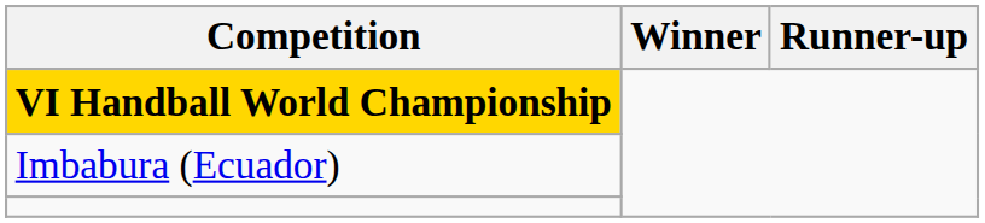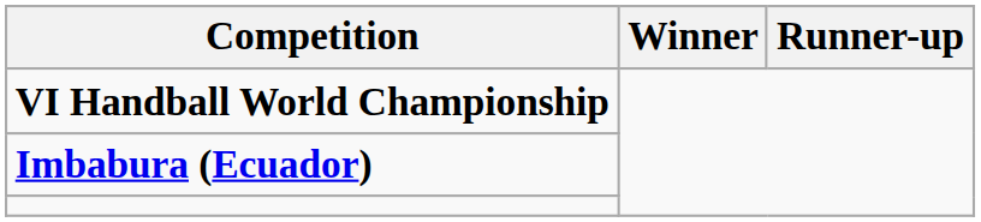 <table class="wikitable">
 <tr>
 <th><strong>Competition</strong></th>
 <th><strong>Winner</strong></th>
 <th><strong>Runner-up</strong></th>
 </tr>
 <tr>
-<td rowspan=1 style="background: gold;"><strong>VI Handball World Championship</strong></td>
+<td rowspan=1><strong>VI Handball World Championship</strong></td>
 </tr>
 <tr>
-<td rowspan=1><a href='#'>Imbabura</a> (<a href='#'>Ecuador</a>)</td>
+<td rowspan=1><strong><a href='#'>Imbabura</a> (<a href='#'>Ecuador</a>)</strong></td>
 </tr>
 <tr>
 <td rowspan=1></td>
 </tr>
 </table>
